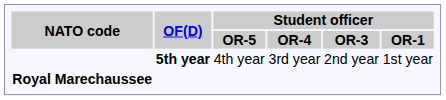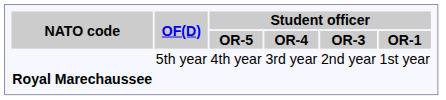 <table class="sortable" style="border:1px solid #8888aa; background-color:#f7f8ff; padding:5px; font-size:95%; margin: 0px 12px 12px 0px;">
 <tr style="background-color:#CCCCCC;">
 <th rowspan=2>NATO code</th>
 <th rowspan=2><a href='#'>OF(D)</a></th>
 <th colspan=6>Student officer</th>
 </tr>
 <tr style="background-color:#CCCCCC;">
 <th>OR-5</th>
 <th>OR-4</th>
 <th colspan=2>OR-3</th>
 <th colspan=2>OR-1</th>
 </tr>
 <tr style="text-align:center;">
 <th></th>
-<td colspan=1><strong>5th year</strong></td>
+<td colspan=1>5th year</td>
 <td colspan=1>4th year</td>
 <td colspan=1>3rd year</td>
 <td colspan=2>2nd year</td>
 <td colspan=2>1st year</td>
 </tr>
 <tr style="text-align:center;">
 <td rowspan=2><strong> Royal Marechaussee</strong></td>
 <td colspan=1></td>
 <td colspan=1></td>
 <td colspan=1></td>
 <td colspan=2></td>
 <td colspan=2></td>
 </tr>
 <tr style="text-align:center;">
 <td colspan=1></td>
 <td colspan=1></td>
 <td colspan=1></td>
 <td colspan=2></td>
 <td colspan=2></td>
 </tr>
 </table>
